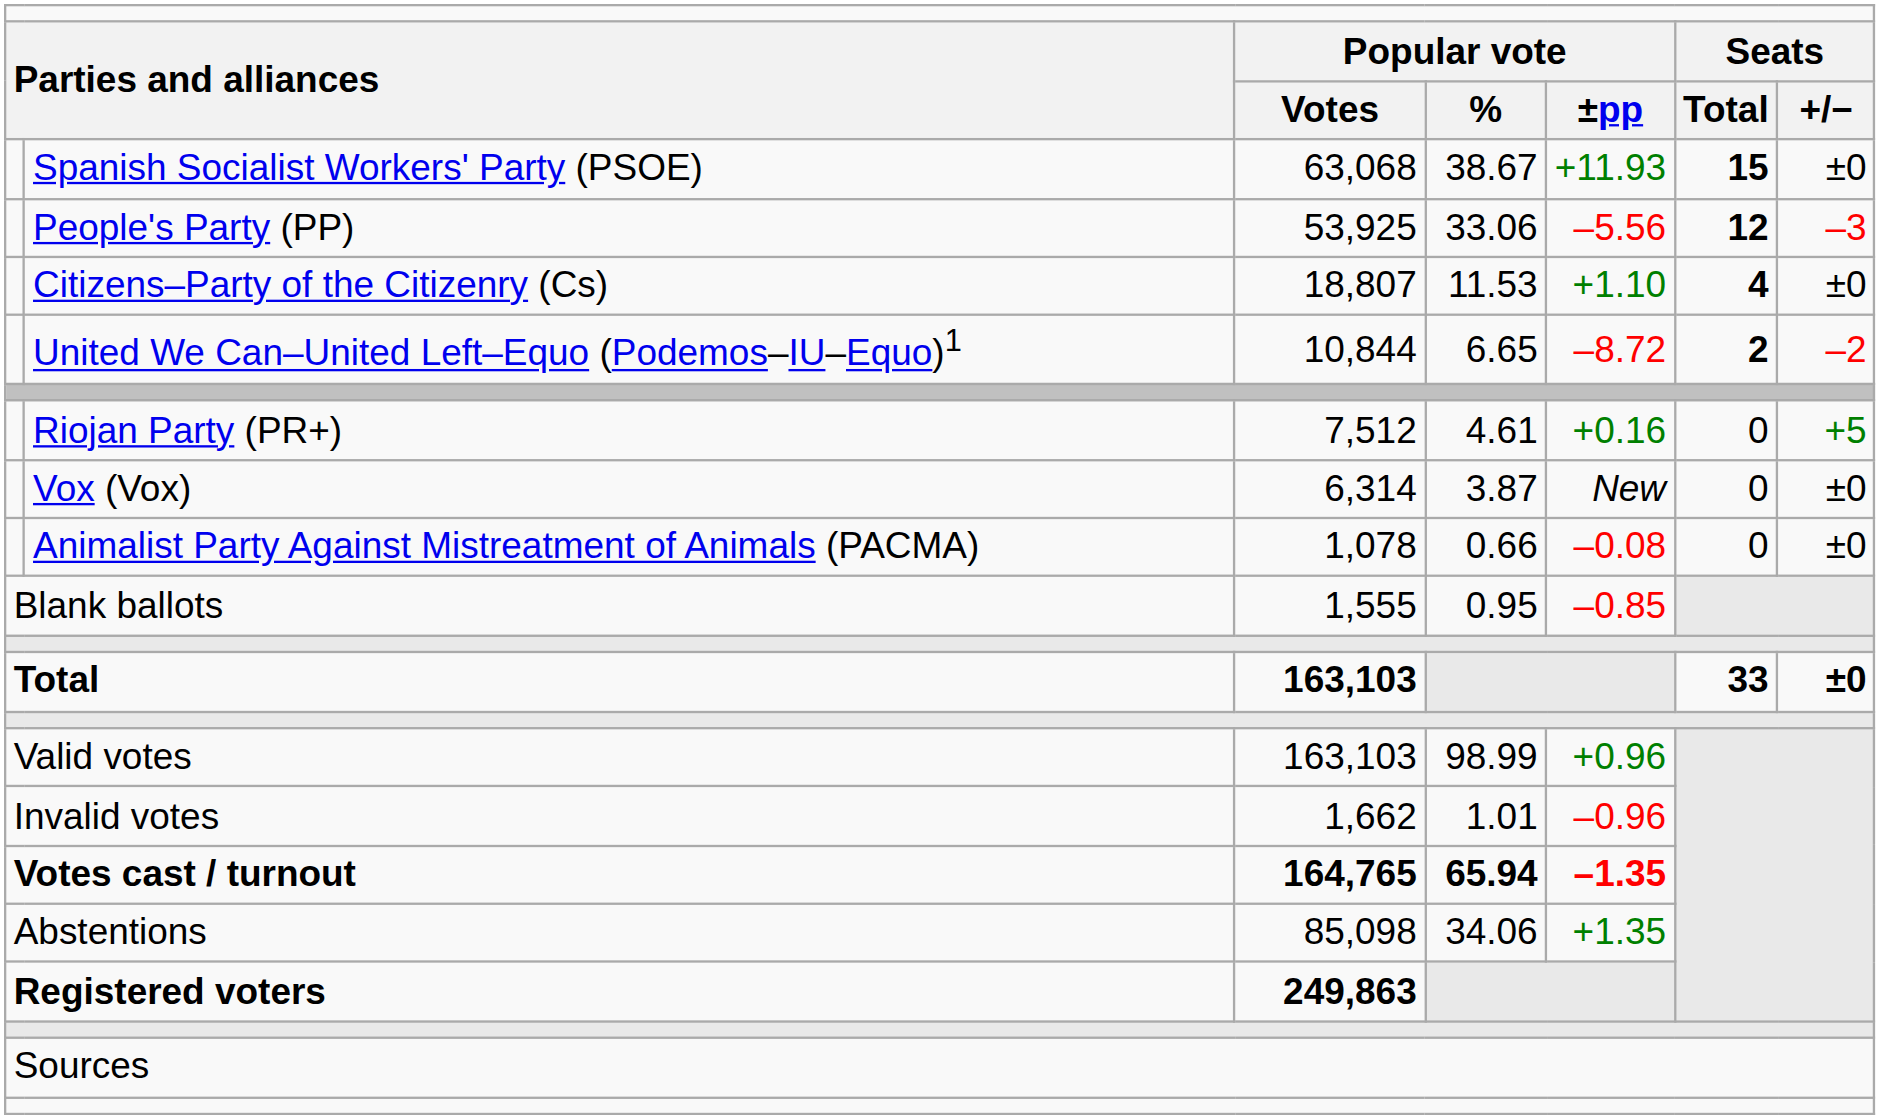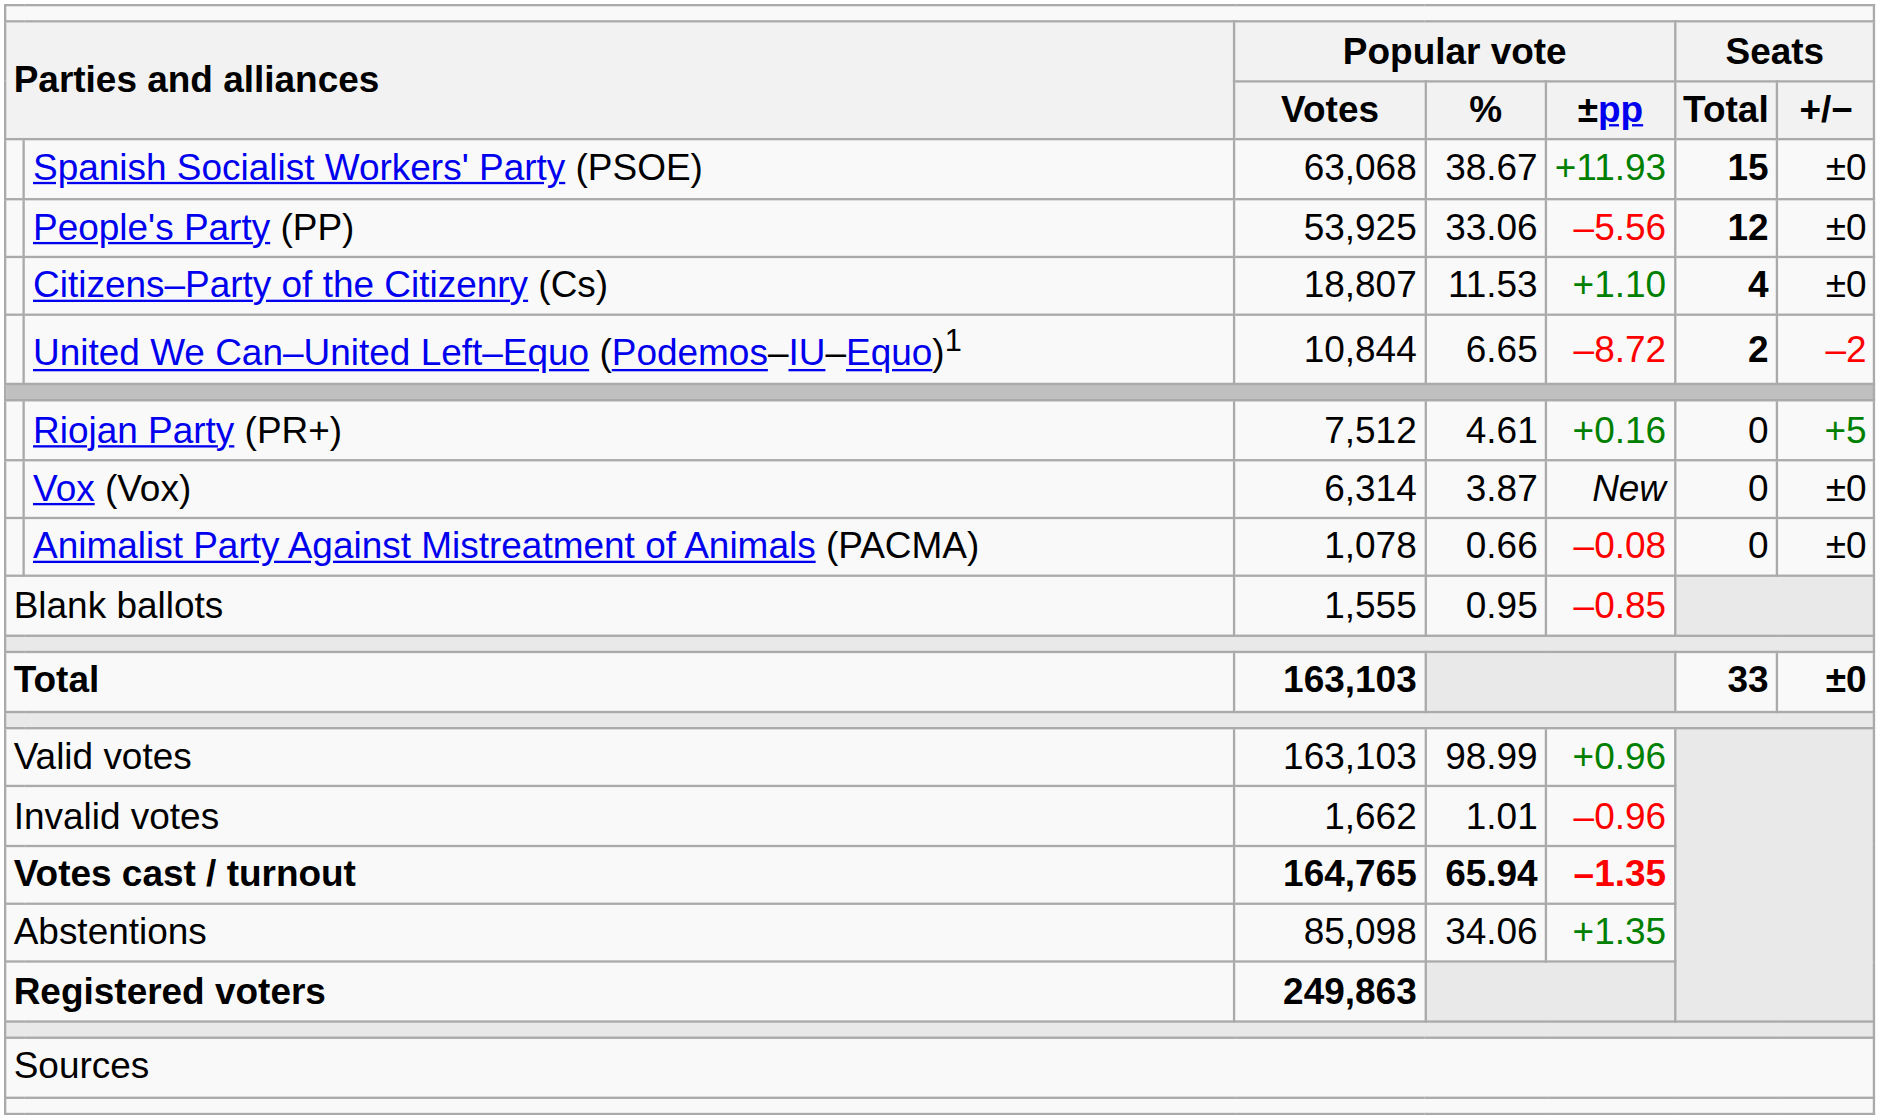 <table class="wikitable" style="text-align:right;">
 <tr>
 <td colspan="7"></td>
 </tr>
 <tr>
 <th style="text-align:left;" rowspan="2" colspan="2" width="525">Parties and alliances</th>
 <th colspan="3">Popular vote</th>
 <th colspan="2">Seats</th>
 </tr>
 <tr>
 <th width="75">Votes</th>
 <th width="45">%</th>
 <th width="45">±<a href='#'>pp</a></th>
 <th width="35">Total</th>
 <th width="35">+/−</th>
 </tr>
 <tr>
 <td width="1" style="color:inherit;background:"></td>
 <td align="left"><a href='#'>Spanish Socialist Workers' Party</a> (PSOE)</td>
 <td>63,068</td>
 <td>38.67</td>
 <td style="color:green;">+11.93</td>
 <td><strong>15</strong></td>
 <td>±0</td>
 </tr>
 <tr>
 <td style="color:inherit;background:"></td>
 <td align="left"><a href='#'>People's Party</a> (PP)</td>
 <td>53,925</td>
 <td>33.06</td>
 <td style="color:red;">–5.56</td>
 <td><strong>12</strong></td>
-<td style="color:red;">–3</td>
+<td>±0</td>
 </tr>
 <tr>
 <td style="color:inherit;background:"></td>
 <td align="left"><a href='#'>Citizens–Party of the Citizenry</a> (Cs)</td>
 <td>18,807</td>
 <td>11.53</td>
 <td style="color:green;">+1.10</td>
 <td><strong>4</strong></td>
 <td>±0</td>
 </tr>
 <tr>
 <td style="color:inherit;background:"></td>
 <td align="left"><a href='#'>United We Can–United Left–Equo</a> (<a href='#'>Podemos</a>–<a href='#'>IU</a>–<a href='#'>Equo</a>)<sup>1</sup></td>
 <td>10,844</td>
 <td>6.65</td>
 <td style="color:red;">–8.72</td>
 <td><strong>2</strong></td>
 <td style="color:red;">–2</td>
 </tr>
 <tr>
 <td colspan="7" bgcolor="#C0C0C0"></td>
 </tr>
 <tr>
 <td style="color:inherit;background:"></td>
 <td align="left"><a href='#'>Riojan Party</a> (PR+)</td>
 <td>7,512</td>
 <td>4.61</td>
 <td style="color:green;">+0.16</td>
 <td>0</td>
 <td style="color:green;">+5</td>
 </tr>
 <tr>
 <td style="color:inherit;background:"></td>
 <td align="left"><a href='#'>Vox</a> (Vox)</td>
 <td>6,314</td>
 <td>3.87</td>
 <td><em>New</em></td>
 <td>0</td>
 <td>±0</td>
 </tr>
 <tr>
 <td style="color:inherit;background:"></td>
 <td align="left"><a href='#'>Animalist Party Against Mistreatment of Animals</a> (PACMA)</td>
 <td>1,078</td>
 <td>0.66</td>
 <td style="color:red;">–0.08</td>
 <td>0</td>
 <td>±0</td>
 </tr>
 <tr>
 <td align="left" colspan="2">Blank ballots</td>
 <td>1,555</td>
 <td>0.95</td>
 <td style="color:red;">–0.85</td>
 <td bgcolor="#E9E9E9" colspan="2"></td>
 </tr>
 <tr>
 <td colspan="7" bgcolor="#E9E9E9"></td>
 </tr>
 <tr style="font-weight:bold;">
 <td align="left" colspan="2">Total</td>
 <td>163,103</td>
 <td bgcolor="#E9E9E9" colspan="2"></td>
 <td>33</td>
 <td>±0</td>
 </tr>
 <tr>
 <td colspan="7" bgcolor="#E9E9E9"></td>
 </tr>
 <tr>
 <td align="left" colspan="2">Valid votes</td>
 <td>163,103</td>
 <td>98.99</td>
 <td style="color:green;">+0.96</td>
 <td bgcolor="#E9E9E9" colspan="2" rowspan="5"></td>
 </tr>
 <tr>
 <td align="left" colspan="2">Invalid votes</td>
 <td>1,662</td>
 <td>1.01</td>
 <td style="color:red;">–0.96</td>
 </tr>
 <tr style="font-weight:bold;">
 <td align="left" colspan="2">Votes cast / turnout</td>
 <td>164,765</td>
 <td>65.94</td>
 <td style="color:red;">–1.35</td>
 </tr>
 <tr>
 <td align="left" colspan="2">Abstentions</td>
 <td>85,098</td>
 <td>34.06</td>
 <td style="color:green;">+1.35</td>
 </tr>
 <tr style="font-weight:bold;">
 <td align="left" colspan="2">Registered voters</td>
 <td>249,863</td>
 <td bgcolor="#E9E9E9" colspan="2"></td>
 </tr>
 <tr>
 <td colspan="7" bgcolor="#E9E9E9"></td>
 </tr>
 <tr>
 <td align="left" colspan="7">Sources</td>
 </tr>
 <tr>
 <td colspan="7" style="text-align:left; max-width:790px;"></td>
 </tr>
 </table>
